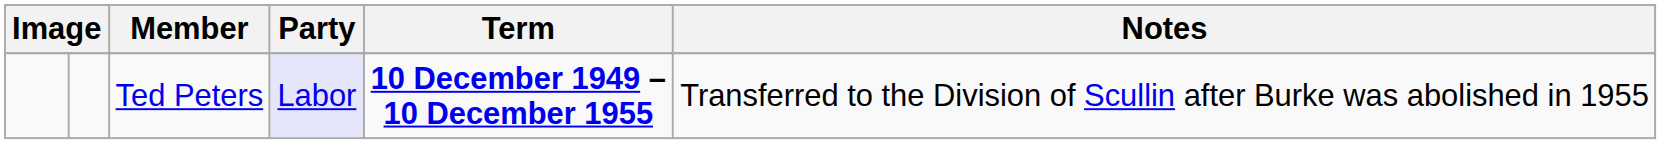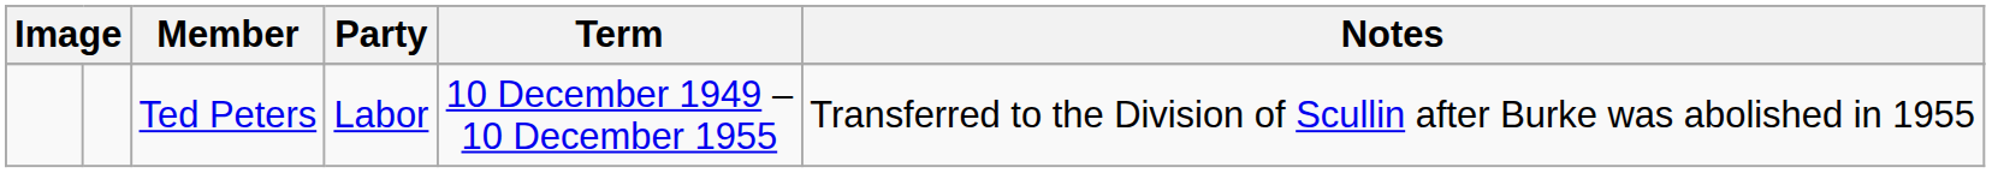 <table class=wikitable style="text-align:center">
 <tr>
 <th colspan=2>Image</th>
 <th>Member</th>
 <th>Party</th>
 <th>Term</th>
 <th>Notes</th>
 </tr>
 <tr>
 </tr>
 <tr>
 <td> </td>
 <td></td>
 <td><a href='#'>Ted Peters</a><br></td>
-<td style="background: lavender;"><a href='#'>Labor</a></td>
-<td nowrap><strong><a href='#'>10 December 1949</a> –<br><a href='#'>10 December 1955</a></strong></td>
+<td><a href='#'>Labor</a></td>
+<td nowrap><a href='#'>10 December 1949</a> –<br><a href='#'>10 December 1955</a></td>
 <td>Transferred to the Division of <a href='#'>Scullin</a> after Burke was abolished in 1955</td>
 </tr>
 </table>
